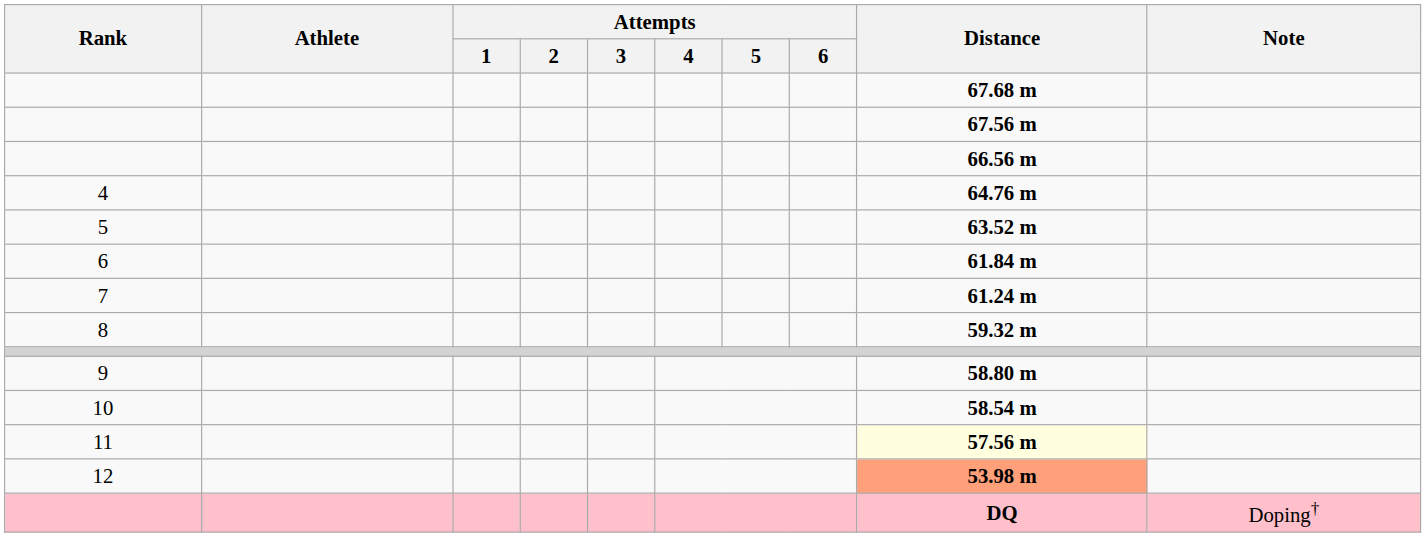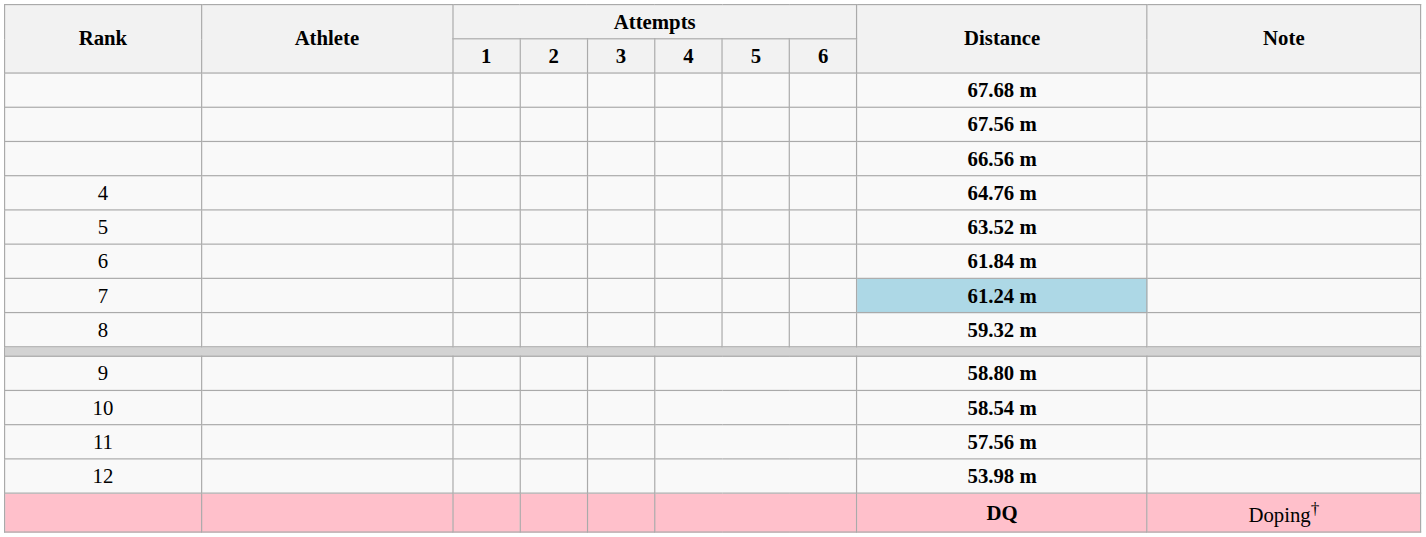 <table class="wikitable" style=" text-align:center; font-size:110%;" width="95%">
 <tr>
 <th rowspan="2">Rank</th>
 <th rowspan="2">Athlete</th>
 <th colspan="6">Attempts</th>
 <th rowspan="2">Distance</th>
 <th rowspan="2">Note</th>
 </tr>
 <tr>
 <th>1</th>
 <th>2</th>
 <th>3</th>
 <th>4</th>
 <th>5</th>
 <th>6</th>
 </tr>
 <tr>
 <td></td>
 <td align=left></td>
 <td></td>
 <td></td>
 <td></td>
 <td></td>
 <td></td>
 <td></td>
 <td><strong>67.68 m</strong></td>
 <td></td>
 </tr>
 <tr>
 <td></td>
 <td align=left></td>
 <td></td>
 <td></td>
 <td></td>
 <td></td>
 <td></td>
 <td></td>
 <td><strong>67.56 m</strong></td>
 <td></td>
 </tr>
 <tr>
 <td></td>
 <td align=left></td>
 <td></td>
 <td></td>
 <td></td>
 <td></td>
 <td></td>
 <td></td>
 <td><strong>66.56 m</strong></td>
 <td></td>
 </tr>
 <tr>
 <td>4</td>
 <td align=left></td>
 <td></td>
 <td></td>
 <td></td>
 <td></td>
 <td></td>
 <td></td>
 <td><strong>64.76 m</strong></td>
 <td></td>
 </tr>
 <tr>
 <td>5</td>
 <td align=left></td>
 <td></td>
 <td></td>
 <td></td>
 <td></td>
 <td></td>
 <td></td>
 <td><strong>63.52 m</strong></td>
 <td></td>
 </tr>
 <tr>
 <td>6</td>
 <td align=left></td>
 <td></td>
 <td></td>
 <td></td>
 <td></td>
 <td></td>
 <td></td>
 <td><strong>61.84 m</strong></td>
 <td></td>
 </tr>
 <tr>
 <td>7</td>
 <td align=left></td>
 <td></td>
 <td></td>
 <td></td>
 <td></td>
 <td></td>
 <td></td>
-<td><strong>61.24 m</strong></td>
+<td style="background: lightblue;"><strong>61.24 m</strong></td>
 <td></td>
 </tr>
 <tr>
 <td>8</td>
 <td align=left></td>
 <td></td>
 <td></td>
 <td></td>
 <td></td>
 <td></td>
 <td></td>
 <td><strong>59.32 m</strong></td>
 <td></td>
 </tr>
 <tr>
 <td colspan=10 bgcolor=lightgray></td>
 </tr>
 <tr>
 <td>9</td>
 <td align=left></td>
 <td></td>
 <td></td>
 <td></td>
 <td colspan=3></td>
 <td><strong>58.80 m</strong></td>
 <td></td>
 </tr>
 <tr>
 <td>10</td>
 <td align=left></td>
 <td></td>
 <td></td>
 <td></td>
 <td colspan=3></td>
 <td><strong>58.54 m</strong></td>
 <td></td>
 </tr>
 <tr>
 <td>11</td>
 <td align=left></td>
 <td></td>
 <td></td>
 <td></td>
 <td colspan=3></td>
-<td style="background: lightyellow;"><strong>57.56 m</strong></td>
+<td><strong>57.56 m</strong></td>
 <td></td>
 </tr>
 <tr>
 <td>12</td>
 <td align=left></td>
 <td></td>
 <td></td>
 <td></td>
 <td colspan=3></td>
-<td style="background: lightsalmon;"><strong>53.98 m</strong></td>
+<td><strong>53.98 m</strong></td>
 <td></td>
 </tr>
 <tr style="background:pink">
 <td></td>
 <td align=left></td>
 <td></td>
 <td></td>
 <td></td>
 <td colspan=3></td>
 <td><strong>DQ</strong></td>
 <td>Doping<sup>†</sup></td>
 </tr>
 </table>
